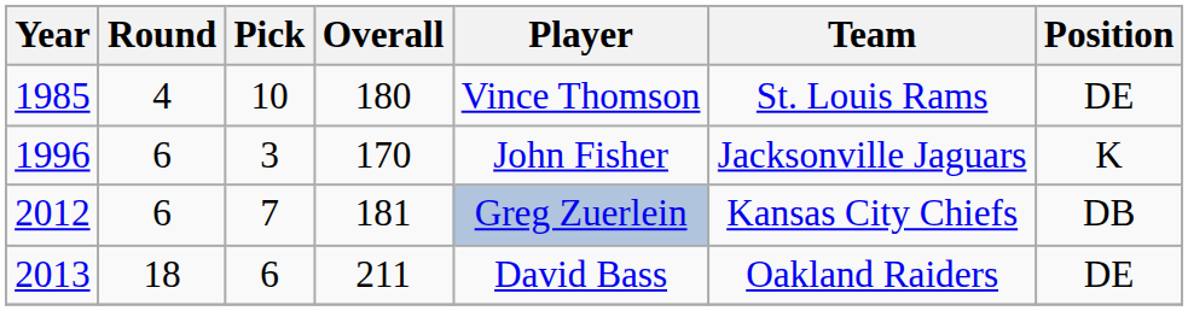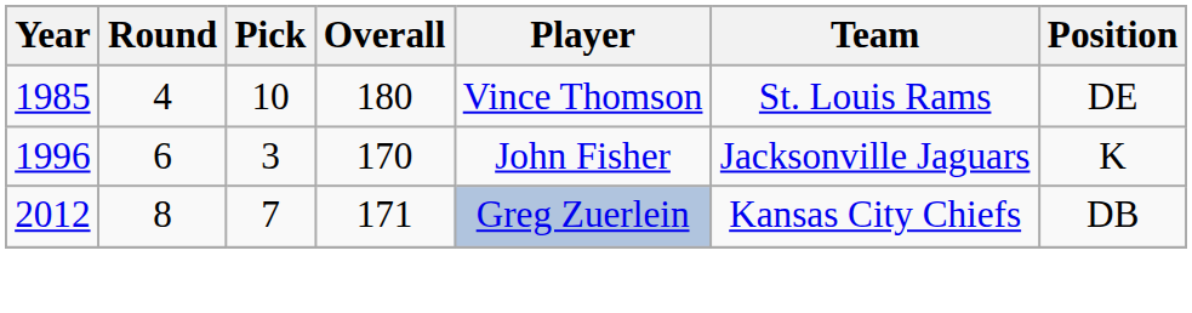 <table class="wikitable sortable" style="text-align: center;">
 <tr>
 <th>Year</th>
 <th>Round</th>
 <th>Pick</th>
 <th>Overall</th>
 <th>Player</th>
 <th>Team</th>
 <th>Position</th>
 </tr>
 <tr>
 <td><a href='#'>1985</a></td>
 <td>4</td>
 <td>10</td>
 <td>180</td>
 <td><a href='#'>Vince Thomson</a></td>
 <td><a href='#'>St. Louis Rams</a></td>
 <td>DE</td>
 </tr>
 <tr>
 <td><a href='#'>1996</a></td>
 <td>6</td>
 <td>3</td>
 <td>170</td>
 <td><a href='#'>John Fisher</a></td>
 <td><a href='#'>Jacksonville Jaguars</a></td>
 <td>K</td>
 </tr>
 <tr>
 <td><a href='#'>2012</a></td>
-<td>6</td>
+<td>8</td>
 <td>7</td>
-<td>181</td>
+<td>171</td>
 <td style="background-color:lightsteelblue;"><a href='#'>Greg Zuerlein</a></td>
 <td><a href='#'>Kansas City Chiefs</a></td>
 <td>DB</td>
 </tr>
 <tr>
-<td><a href='#'>2013</a></td>
-<td>18</td>
-<td>6</td>
-<td>211</td>
-<td><a href='#'>David Bass</a></td>
-<td><a href='#'>Oakland Raiders</a></td>
-<td>DE</td>
-</tr>
-<tr>
 </tr>
 </table>
